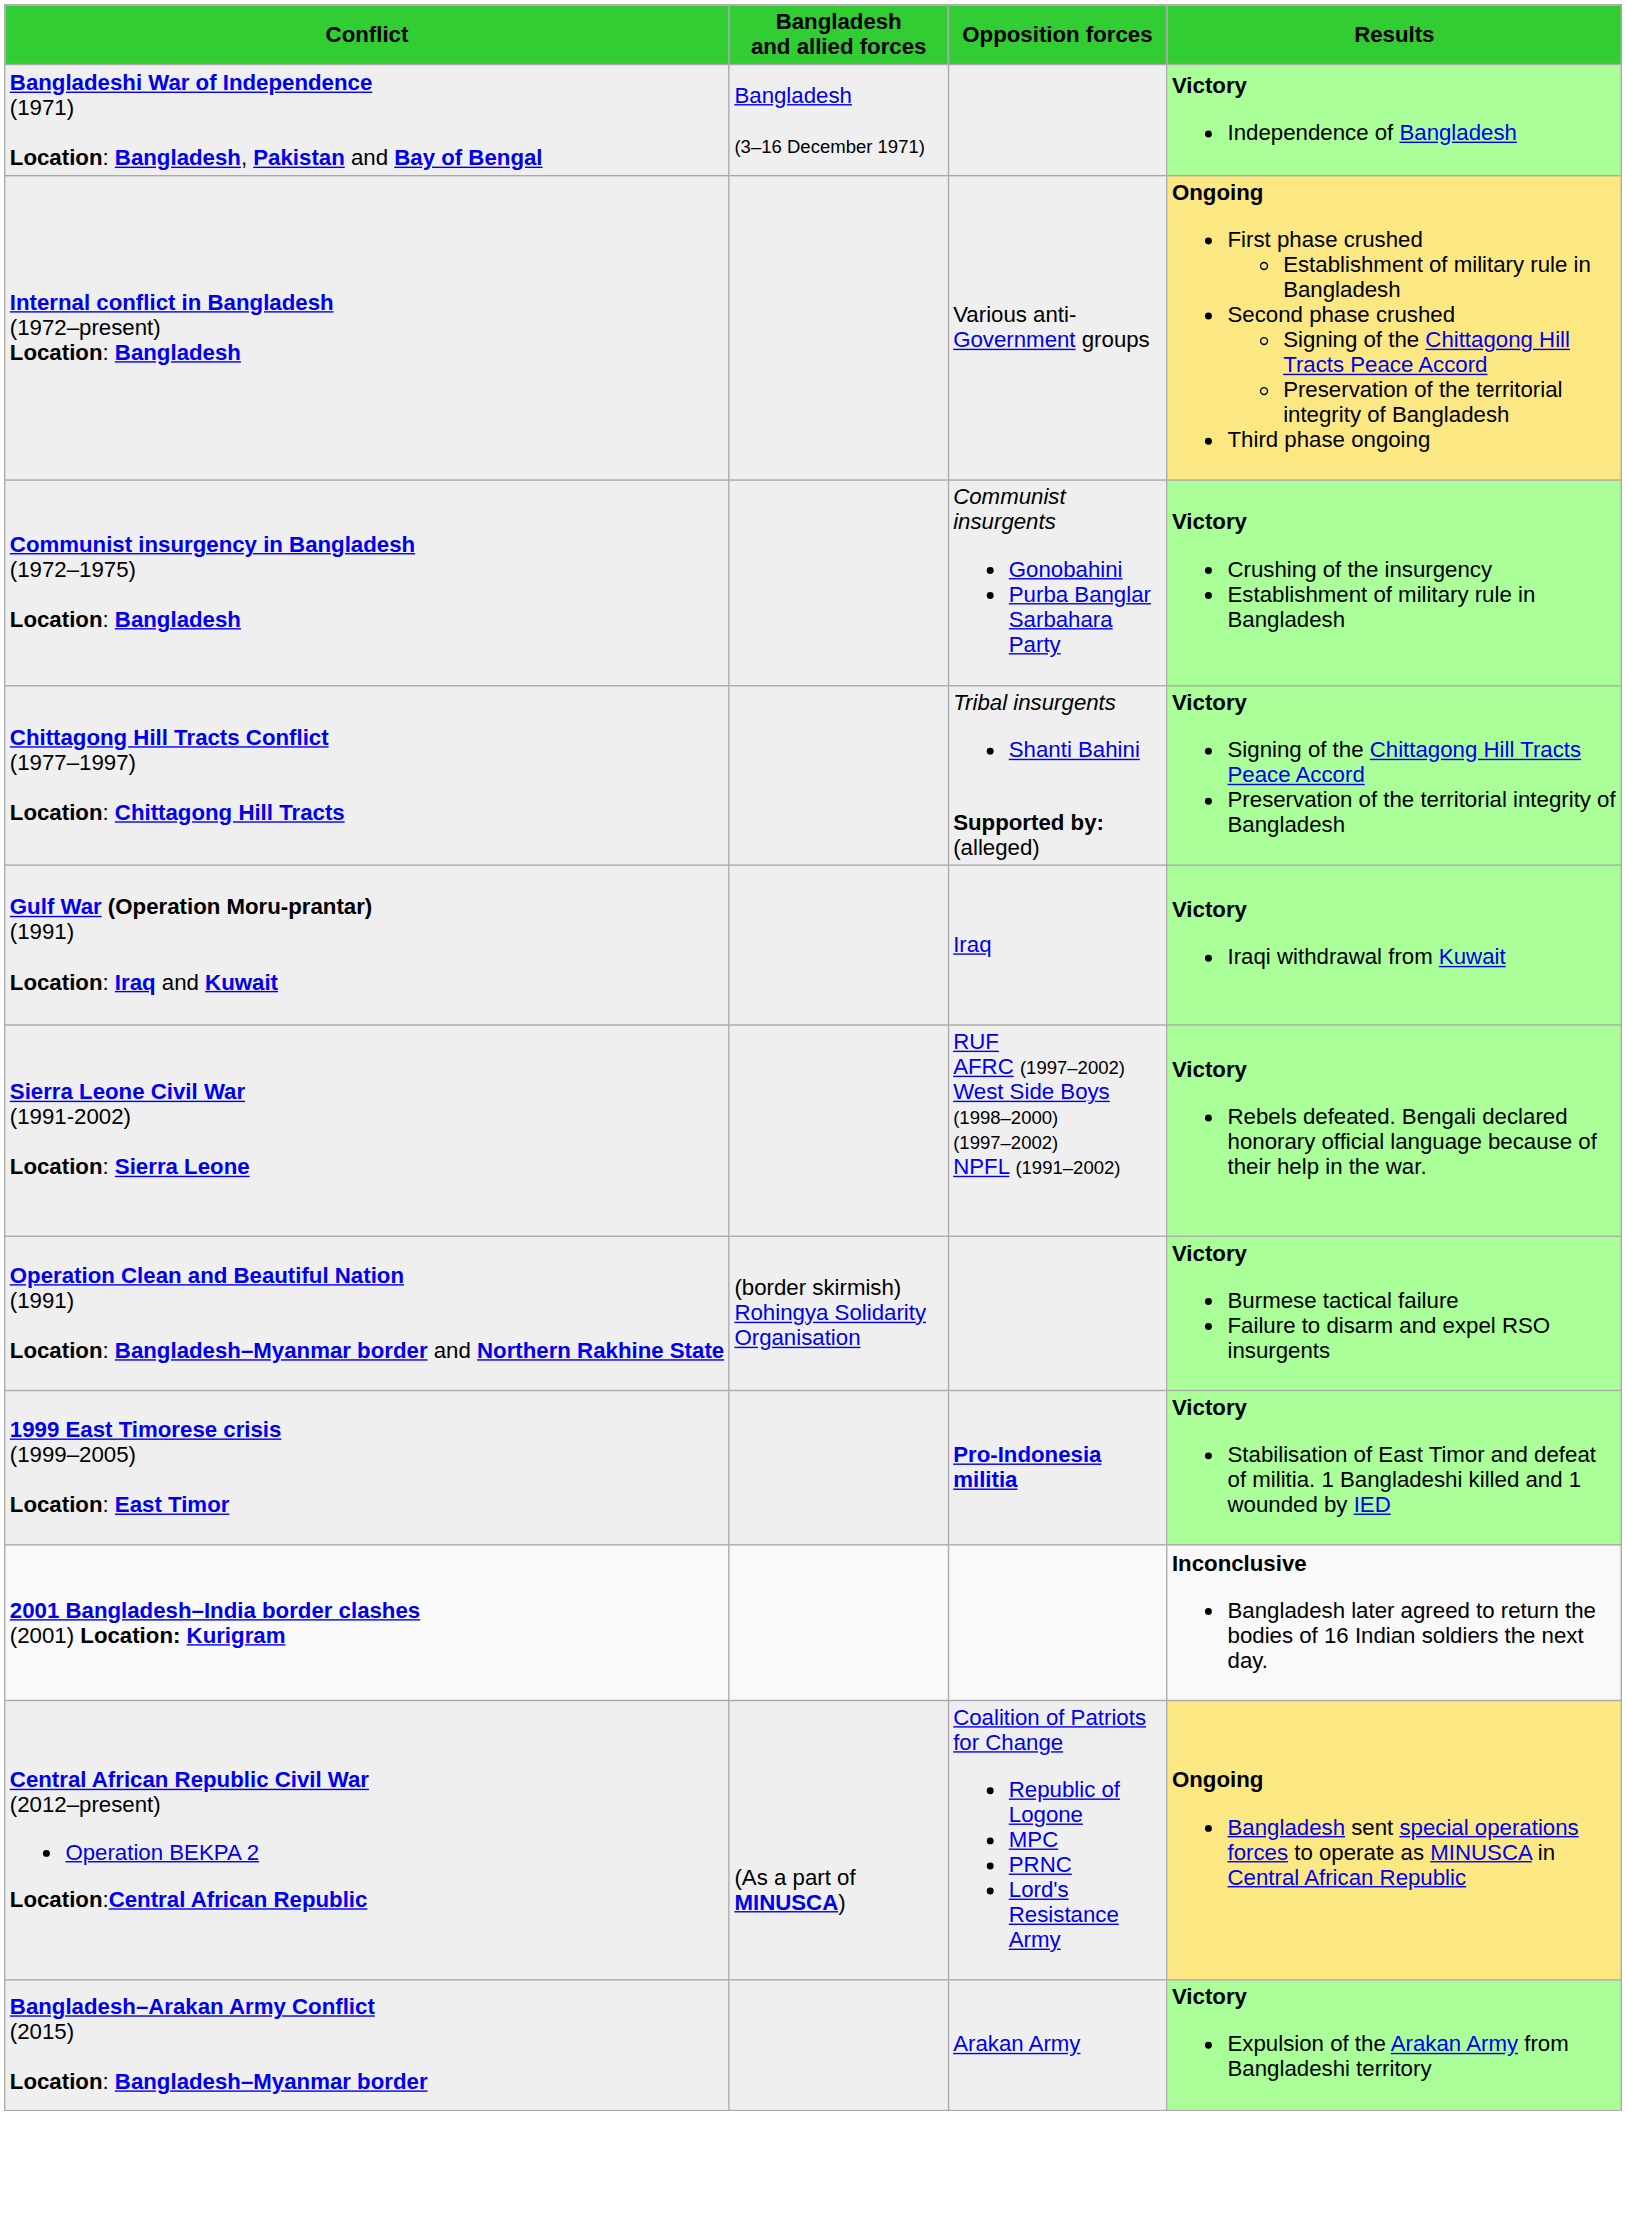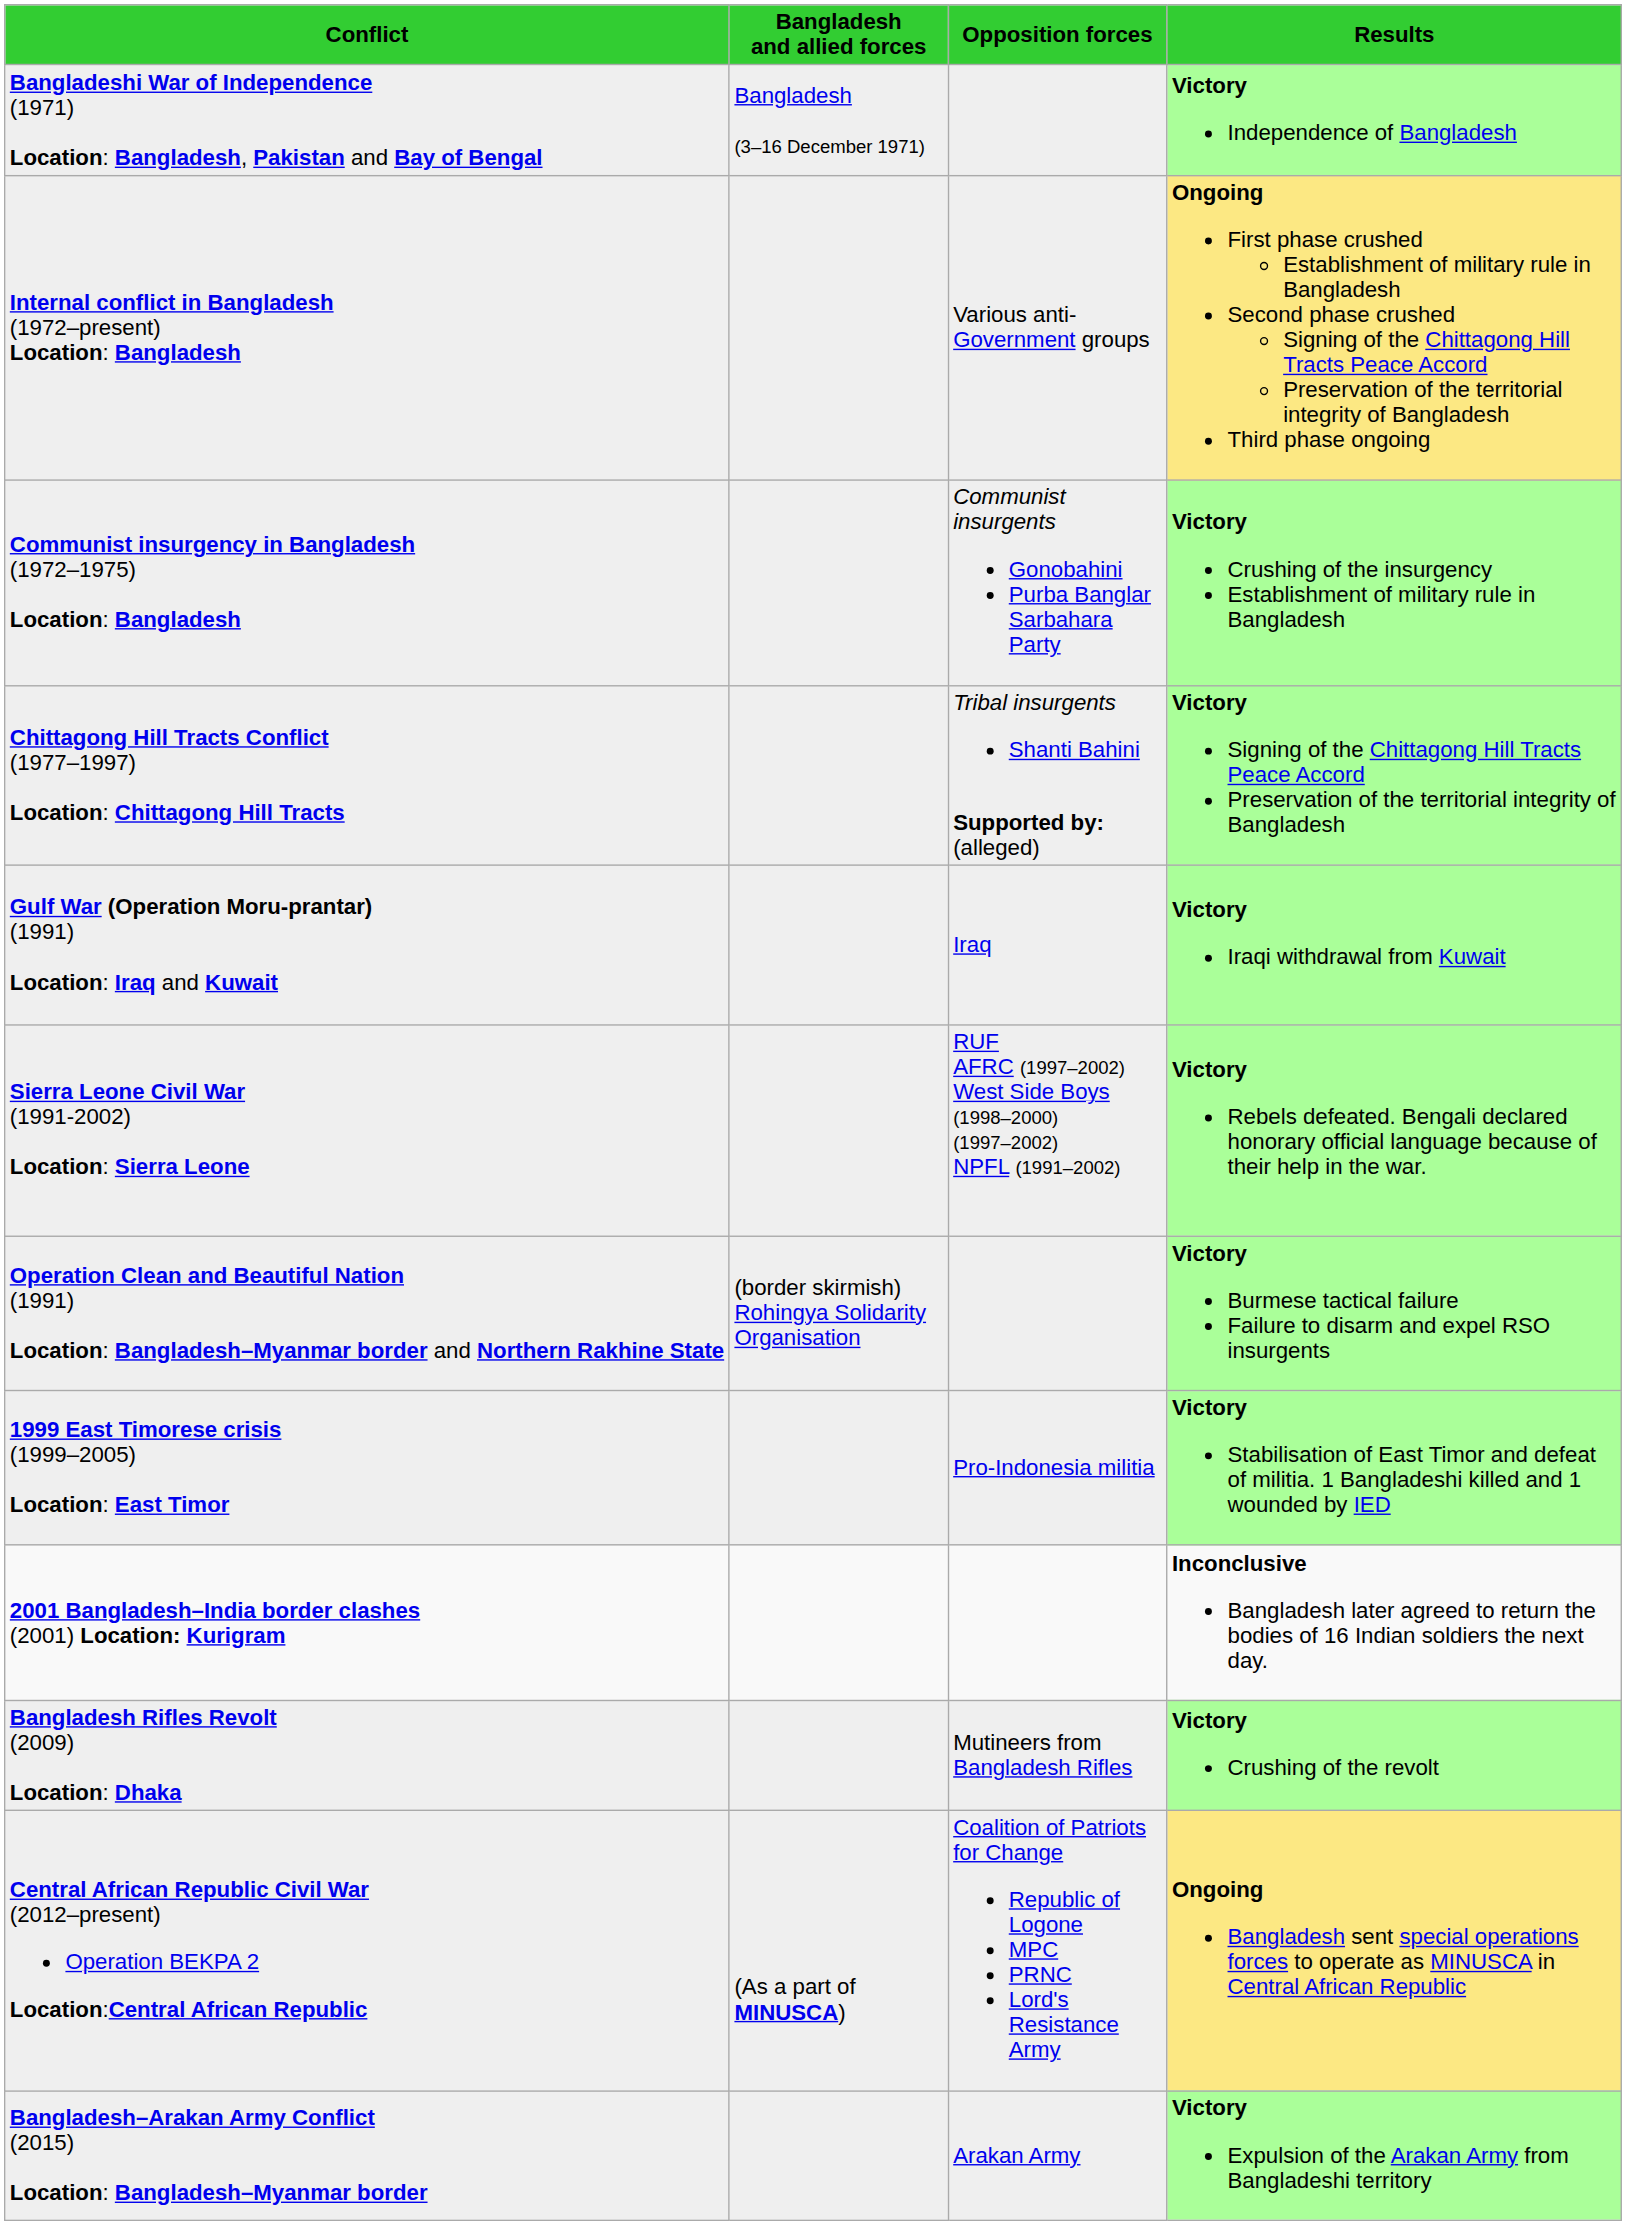 <table class="wikitable">
 <tr>
 <th style="background:#32CD32" rowspan="1"><span>Conflict</span></th>
 <th style="background:#32CD32" rowspan="1" width=150px><span>Bangladesh<br>and allied forces</span></th>
 <th style="background:#32CD32" rowspan="1" width=150px><span>Opposition forces</span></th>
 <th style="background:#32CD32" rowspan="1" width=320px><span>Results</span></th>
 </tr>
 <tr>
 <td style="background:#efefef"><strong><a href='#'>Bangladeshi War of Independence</a></strong> <br> (1971) <br><br><strong>Location</strong>: <strong><a href='#'>Bangladesh</a></strong>, <strong><a href='#'>Pakistan</a></strong> and <strong><a href='#'>Bay of Bengal</a></strong></td>
 <td style="background:#efefef"> <a href='#'>Bangladesh</a><br><br> <small>(3–16 December 1971)</small><br></td>
 <td style="background:#efefef"> <br></td>
 <td style="background:#AF9"><span><strong>Victory</strong></span><br><ul><li>Independence of <a href='#'>Bangladesh</a></li></ul></td>
 </tr>
 <tr>
 <td style="background:#efefef"><strong><a href='#'>Internal conflict in Bangladesh</a></strong> <br> (1972–present)<br><strong>Location</strong>: <strong><a href='#'>Bangladesh</a></strong></td>
 <td style="background:#efefef"></td>
 <td style="background:#efefef">Various anti-<a href='#'>Government</a> groups</td>
 <td style="background:#FCE883"><span><strong>Ongoing</strong></span><br><ul><li>First phase crushed<ul><li>Establishment of military rule in Bangladesh</li></ul></li><li>Second phase crushed<ul><li>Signing of the <a href='#'>Chittagong Hill Tracts Peace Accord</a></li><li>Preservation of the territorial integrity of Bangladesh</li></ul></li><li>Third phase ongoing</li></ul></td>
 </tr>
 <tr>
 <td style="background:#efefef"><strong><a href='#'>Communist insurgency in Bangladesh</a></strong> <br> (1972–1975) <br><br><strong>Location</strong>: <strong><a href='#'>Bangladesh</a></strong></td>
 <td style="background:#efefef"></td>
 <td style="background:#efefef"><em>Communist insurgents</em><br><ul><li> <a href='#'>Gonobahini</a></li><li> <a href='#'>Purba Banglar Sarbahara Party</a></li></ul></td>
 <td style="background:#AF9"><span><strong>Victory</strong></span><br><ul><li>Crushing of the insurgency</li><li>Establishment of military rule in Bangladesh</li></ul></td>
 </tr>
 <tr>
 <td style="background:#efefef"><strong><a href='#'>Chittagong Hill Tracts Conflict</a></strong> <br> (1977–1997) <br><br><strong>Location</strong>: <strong><a href='#'>Chittagong Hill Tracts</a></strong></td>
 <td style="background:#efefef"></td>
 <td style="background:#efefef"><em>Tribal insurgents</em><br><ul><li> <a href='#'>Shanti Bahini</a></li></ul><br><strong>Supported by:</strong><br>  (alleged)</td>
 <td style="background:#AF9"><span><strong>Victory</strong></span><br><ul><li>Signing of the <a href='#'>Chittagong Hill Tracts Peace Accord</a></li><li>Preservation of the territorial integrity of Bangladesh</li></ul></td>
 </tr>
 <tr>
 <td style="background:#efefef"><strong><a href='#'>Gulf War</a></strong> <strong>(Operation Moru-prantar)</strong> <br> (1991) <br><br><strong>Location</strong>: <strong><a href='#'>Iraq</a></strong> and <strong><a href='#'>Kuwait</a></strong></td>
 <td style="background:#efefef"> <br>  <br>  <br>  <br>  <br>  <br> </td>
 <td style="background:#efefef"> <a href='#'>Iraq</a></td>
 <td style="background:#AF9"><span><strong>Victory</strong></span><br><ul><li>Iraqi withdrawal from <a href='#'>Kuwait</a></li></ul></td>
 </tr>
 <tr>
 <td style="background:#efefef"><strong><a href='#'>Sierra Leone Civil War</a></strong> <br> (1991-2002) <br><br><strong>Location</strong>: <strong><a href='#'>Sierra Leone</a></strong></td>
 <td style="background:#efefef"> <br>  <br>  <br>  <br>  <br>  </td>
 <td style="background:#efefef"> <a href='#'>RUF</a> <br>  <a href='#'>AFRC</a> <small>(1997–2002)</small><br> <a href='#'>West Side Boys</a> <small>(1998–2000)</small><br>  <small>(1997–2002)</small> <br> <a href='#'>NPFL</a> <small>(1991–2002)</small> <br>  <br>  <br> </td>
 <td style="background:#AF9"><span><strong>Victory</strong></span><br><ul><li>Rebels defeated. Bengali declared honorary official language because of their help in the war.</li></ul></td>
 </tr>
 <tr>
 <td style="background:#efefef"><strong><a href='#'>Operation Clean and Beautiful Nation</a></strong> <br> (1991) <br><br><strong>Location</strong>: <strong><a href='#'>Bangladesh–Myanmar border</a></strong> and <strong><a href='#'>Northern Rakhine State</a></strong></td>
 <td style="background:#efefef"> (border skirmish) <br>  <a href='#'>Rohingya Solidarity Organisation</a></td>
 <td style="background:#efefef"></td>
 <td style="background:#AF9"><span><strong>Victory</strong></span><br><ul><li>Burmese tactical failure</li><li>Failure to disarm and expel RSO insurgents</li></ul></td>
 </tr>
 <tr>
 <td style="background:#efefef"><strong><a href='#'>1999 East Timorese crisis</a></strong> <br> (1999–2005) <br><br><strong>Location</strong>: <strong><a href='#'>East Timor</a></strong></td>
 <td style="background:#efefef"> <br>  <br>  <br>  <br>  <br>  </td>
-<td style="background:#efefef"><strong> <a href='#'>Pro-Indonesia militia</a></strong></td>
+<td style="background:#efefef"> <a href='#'>Pro-Indonesia militia</a></td>
 <td style="background:#AF9"><span><strong>Victory</strong></span><br><ul><li>Stabilisation of East Timor and defeat of militia. 1 Bangladeshi killed and 1 wounded by <a href='#'>IED</a></li></ul></td>
 </tr>
 <tr>
 <td><a href='#'><strong>2001 Bangladesh–India border clashes</strong></a><br>(2001) <strong>Location:</strong> <strong><a href='#'>Kurigram</a></strong></td>
 <td></td>
 <td></td>
 <td><strong>Inconclusive</strong><br><ul><li>Bangladesh later agreed to return the bodies of 16 Indian soldiers the next day.</li></ul></td>
+</tr>
+<tr>
+<td style="background:#efefef"><strong><a href='#'>Bangladesh Rifles Revolt</a></strong> <br> (2009) <br><br><strong>Location</strong>: <strong><a href='#'>Dhaka</a></strong> <br></td>
+<td style="background:#efefef"></td>
+<td style="background:#efefef">Mutineers from <a href='#'>Bangladesh Rifles</a></td>
+<td style="background:#AF9"><span><strong>Victory</strong></span><br><ul><li>Crushing of the revolt</li></ul></td>
 </tr>
 <tr>
 <td style="background:#efefef"><strong><a href='#'>Central African Republic Civil War</a></strong> <br> (2012–present)<br><ul><li><a href='#'>Operation BEKPA 2</a></li></ul><strong>Location</strong>:<strong><a href='#'>Central African Republic</a></strong></td>
 <td style="background:#efefef"><br><br><br><br> (As a part of <strong><a href='#'>MINUSCA</a></strong>)</td>
 <td style="background:#efefef"><a href='#'>Coalition of Patriots for Change</a><br><ul><li><a href='#'>Republic of Logone</a></li><li><a href='#'>MPC</a></li><li><a href='#'>PRNC</a></li><li><a href='#'>Lord's Resistance Army</a></li></ul></td>
 <td style="background:#FCE883"><span><strong>Ongoing</strong></span><br><ul><li><a href='#'>Bangladesh</a> sent <a href='#'>special operations forces</a> to operate as <a href='#'>MINUSCA</a> in <a href='#'>Central African Republic</a></li></ul></td>
 </tr>
 <tr>
 <td style="background:#efefef"><strong><a href='#'>Bangladesh–Arakan Army Conflict</a></strong> <br> (2015) <br><br><strong>Location</strong>: <strong><a href='#'>Bangladesh–Myanmar border</a></strong></td>
 <td style="background:#efefef"></td>
 <td style="background:#efefef"> <a href='#'>Arakan Army</a></td>
 <td style="background:#AF9"><span><strong>Victory</strong></span><br><ul><li>Expulsion of the <a href='#'>Arakan Army</a> from Bangladeshi territory</li></ul></td>
 </tr>
 </table>
